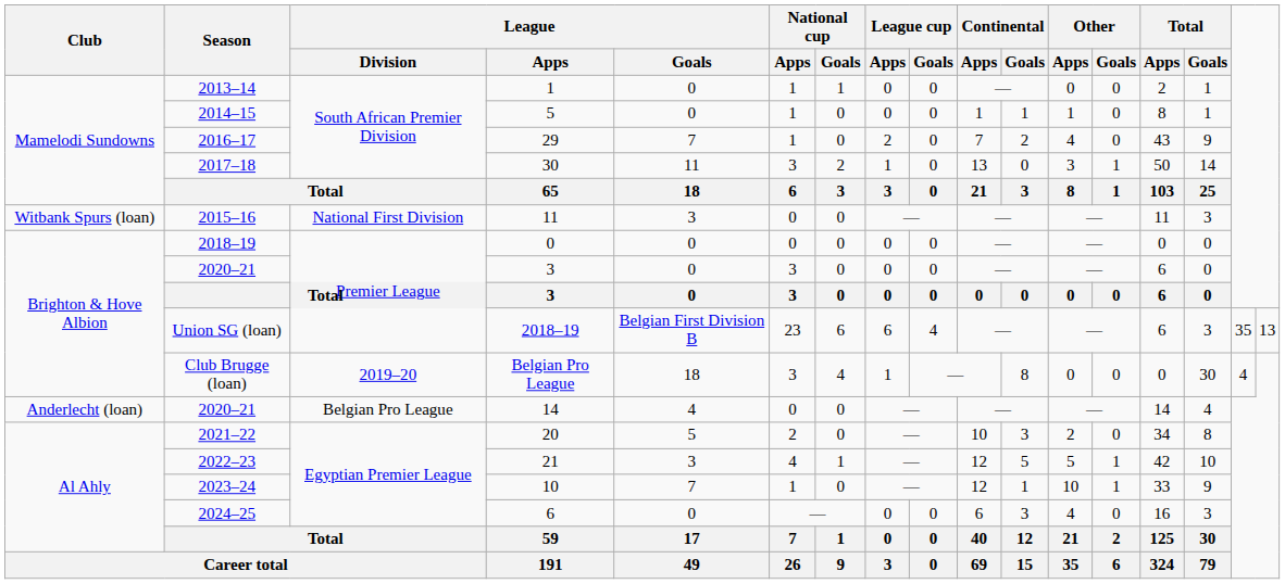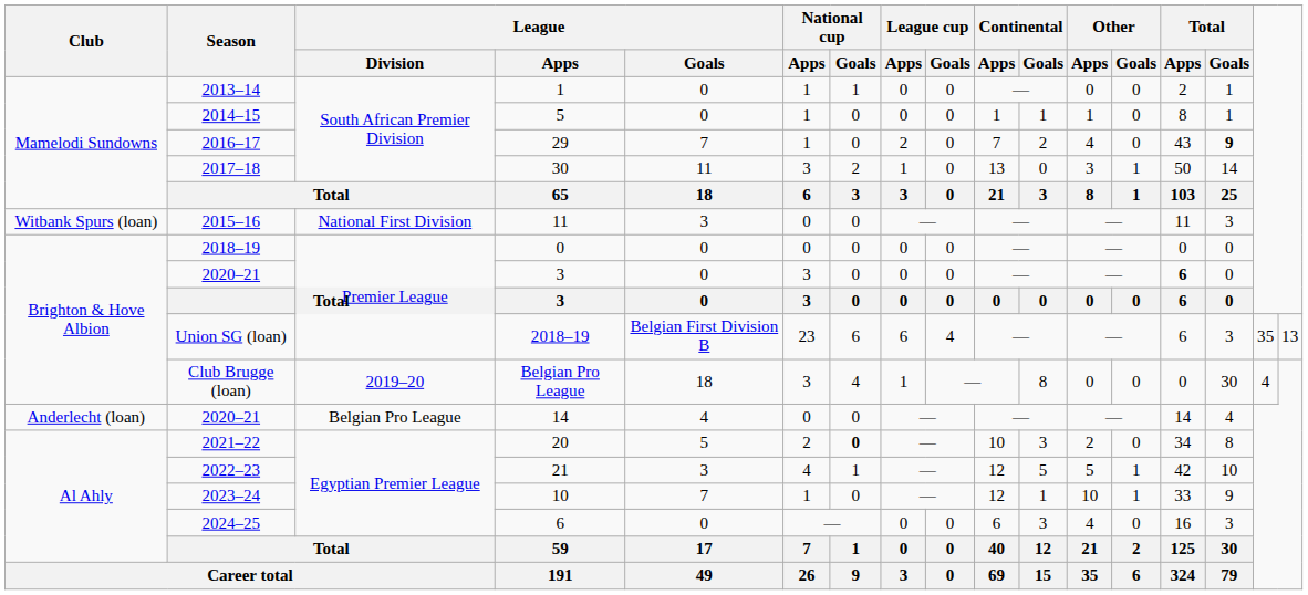 <table class="wikitable" style="text-align: center">
 <tr>
 <th rowspan="2">Club</th>
 <th rowspan="2">Season</th>
 <th colspan="3">League</th>
 <th colspan="2">National cup</th>
 <th colspan="2">League cup</th>
 <th colspan="2">Continental</th>
 <th colspan="2">Other</th>
 <th colspan="2">Total</th>
 </tr>
 <tr>
 <th>Division</th>
 <th>Apps</th>
 <th>Goals</th>
 <th>Apps</th>
 <th>Goals</th>
 <th>Apps</th>
 <th>Goals</th>
 <th>Apps</th>
 <th>Goals</th>
 <th>Apps</th>
 <th>Goals</th>
 <th>Apps</th>
 <th>Goals</th>
 </tr>
 <tr>
 <td rowspan="5"><a href='#'>Mamelodi Sundowns</a></td>
 <td><a href='#'>2013–14</a></td>
 <td rowspan="4"><a href='#'>South African Premier Division</a></td>
 <td>1</td>
 <td>0</td>
 <td>1</td>
 <td>1</td>
 <td>0</td>
 <td>0</td>
 <td colspan="2">—</td>
 <td>0</td>
 <td>0</td>
 <td>2</td>
 <td>1</td>
 </tr>
 <tr>
 <td><a href='#'>2014–15</a></td>
 <td>5</td>
 <td>0</td>
 <td>1</td>
 <td>0</td>
 <td>0</td>
 <td>0</td>
 <td>1</td>
 <td>1</td>
 <td>1</td>
 <td>0</td>
 <td>8</td>
 <td>1</td>
 </tr>
 <tr>
 <td><a href='#'>2016–17</a></td>
 <td>29</td>
 <td>7</td>
 <td>1</td>
 <td>0</td>
 <td>2</td>
 <td>0</td>
 <td>7</td>
 <td>2</td>
 <td>4</td>
 <td>0</td>
 <td>43</td>
-<td>9</td>
+<td><strong>9</strong></td>
 </tr>
 <tr>
 <td><a href='#'>2017–18</a></td>
 <td>30</td>
 <td>11</td>
 <td>3</td>
 <td>2</td>
 <td>1</td>
 <td>0</td>
 <td>13</td>
 <td>0</td>
 <td>3</td>
 <td>1</td>
 <td>50</td>
 <td>14</td>
 </tr>
 <tr>
 <th colspan="2">Total</th>
 <th>65</th>
 <th>18</th>
 <th>6</th>
 <th>3</th>
 <th>3</th>
 <th>0</th>
 <th>21</th>
 <th>3</th>
 <th>8</th>
 <th>1</th>
 <th>103</th>
 <th>25</th>
 </tr>
 <tr>
 <td><a href='#'>Witbank Spurs</a> (loan)</td>
 <td><a href='#'>2015–16</a></td>
 <td><a href='#'>National First Division</a></td>
 <td>11</td>
 <td>3</td>
 <td>0</td>
 <td>0</td>
 <td colspan="2">—</td>
 <td colspan="2">—</td>
 <td colspan="2">—</td>
 <td>11</td>
 <td>3</td>
 </tr>
 <tr>
 <td rowspan="5"><a href='#'>Brighton & Hove Albion</a></td>
 <td><a href='#'>2018–19</a></td>
 <td rowspan="4"><a href='#'>Premier League</a></td>
 <td>0</td>
 <td>0</td>
 <td>0</td>
 <td>0</td>
 <td>0</td>
 <td>0</td>
 <td colspan="2">—</td>
 <td colspan="2">—</td>
 <td>0</td>
 <td>0</td>
 </tr>
 <tr>
 <td><a href='#'>2020–21</a></td>
 <td>3</td>
 <td>0</td>
 <td>3</td>
 <td>0</td>
 <td>0</td>
 <td>0</td>
 <td colspan="2">—</td>
 <td colspan="2">—</td>
-<td>6</td>
+<td><strong>6</strong></td>
 <td>0</td>
 </tr>
 <tr>
 <th colspan="2">Total</th>
 <th>3</th>
 <th>0</th>
 <th>3</th>
 <th>0</th>
 <th>0</th>
 <th>0</th>
 <th>0</th>
 <th>0</th>
 <th>0</th>
 <th>0</th>
 <th>6</th>
 <th>0</th>
 </tr>
 <tr>
 <td><a href='#'>Union SG</a> (loan)</td>
 <td><a href='#'>2018–19</a></td>
 <td><a href='#'>Belgian First Division B</a></td>
 <td>23</td>
 <td>6</td>
 <td>6</td>
 <td>4</td>
 <td colspan="2">—</td>
 <td colspan="2">—</td>
 <td>6</td>
 <td>3</td>
 <td>35</td>
 <td>13</td>
 </tr>
 <tr>
 <td><a href='#'>Club Brugge</a> (loan)</td>
 <td><a href='#'>2019–20</a></td>
 <td><a href='#'>Belgian Pro League</a></td>
 <td>18</td>
 <td>3</td>
 <td>4</td>
 <td>1</td>
 <td colspan="2">—</td>
 <td>8</td>
 <td>0</td>
 <td>0</td>
 <td>0</td>
 <td>30</td>
 <td>4</td>
 </tr>
 <tr>
 <td><a href='#'>Anderlecht</a> (loan)</td>
 <td><a href='#'>2020–21</a></td>
 <td>Belgian Pro League</td>
 <td>14</td>
 <td>4</td>
 <td>0</td>
 <td>0</td>
 <td colspan="2">—</td>
 <td colspan="2">—</td>
 <td colspan="2">—</td>
 <td>14</td>
 <td>4</td>
 </tr>
 <tr>
 <td rowspan="5"><a href='#'>Al Ahly</a></td>
 <td><a href='#'>2021–22</a></td>
 <td rowspan="4"><a href='#'>Egyptian Premier League</a></td>
 <td>20</td>
 <td>5</td>
 <td>2</td>
-<td>0</td>
+<td><strong>0</strong></td>
 <td colspan="2">—</td>
 <td>10</td>
 <td>3</td>
 <td>2</td>
 <td>0</td>
 <td>34</td>
 <td>8</td>
 </tr>
 <tr>
 <td><a href='#'>2022–23</a></td>
 <td>21</td>
 <td>3</td>
 <td>4</td>
 <td>1</td>
 <td colspan="2">—</td>
 <td>12</td>
 <td>5</td>
 <td>5</td>
 <td>1</td>
 <td>42</td>
 <td>10</td>
 </tr>
 <tr>
 <td><a href='#'>2023–24</a></td>
 <td>10</td>
 <td>7</td>
 <td>1</td>
 <td>0</td>
 <td colspan="2">—</td>
 <td>12</td>
 <td>1</td>
 <td>10</td>
 <td>1</td>
 <td>33</td>
 <td>9</td>
 </tr>
 <tr>
 <td><a href='#'>2024–25</a></td>
 <td>6</td>
 <td>0</td>
 <td colspan="2">—</td>
 <td>0</td>
 <td>0</td>
 <td>6</td>
 <td>3</td>
 <td>4</td>
 <td>0</td>
 <td>16</td>
 <td>3</td>
 </tr>
 <tr>
 <th colspan="2">Total</th>
 <th>59</th>
 <th>17</th>
 <th>7</th>
 <th>1</th>
 <th>0</th>
 <th>0</th>
 <th>40</th>
 <th>12</th>
 <th>21</th>
 <th>2</th>
 <th>125</th>
 <th>30</th>
 </tr>
 <tr>
 <th colspan="3">Career total</th>
 <th>191</th>
 <th>49</th>
 <th>26</th>
 <th>9</th>
 <th>3</th>
 <th>0</th>
 <th>69</th>
 <th>15</th>
 <th>35</th>
 <th>6</th>
 <th>324</th>
 <th>79</th>
 </tr>
 </table>
